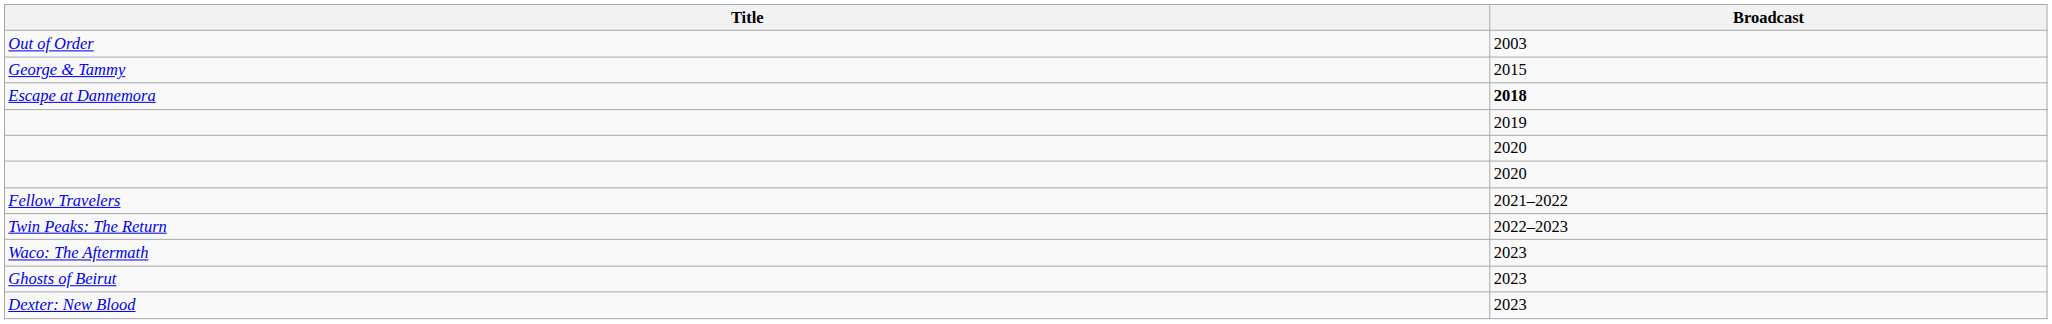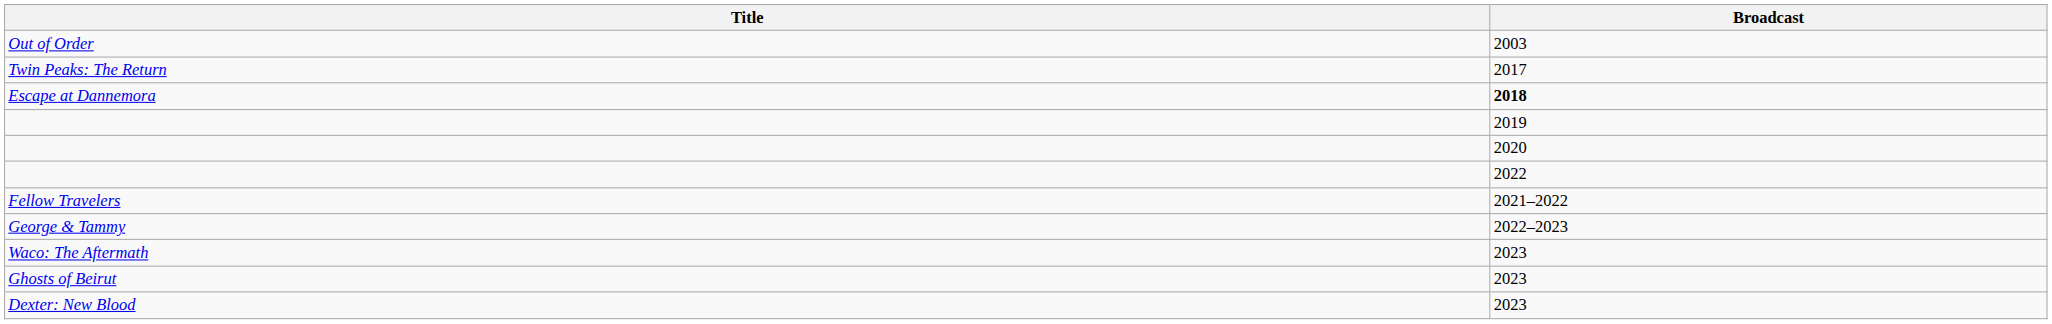 <table class="wikitable sortable" style="width:100%;">
 <tr>
 <th style="width:40%;">Title</th>
 <th style="width:15%;">Broadcast</th>
 </tr>
 <tr>
 <td><em><a href='#'>Out of Order</a></em></td>
 <td>2003</td>
 </tr>
 <tr>
-<td><em><a href='#'>George & Tammy</a></em></td>
-<td>2015</td>
+<td><em><a href='#'>Twin Peaks: The Return</a></em></td>
+<td>2017</td>
 </tr>
 <tr>
 <td><em><a href='#'>Escape at Dannemora</a></em></td>
 <td><strong>2018</strong></td>
 </tr>
 <tr>
 <td></td>
 <td>2019</td>
 </tr>
 <tr>
 <td><em></em></td>
 <td>2020</td>
 </tr>
 <tr>
 <td></td>
-<td>2020</td>
+<td>2022</td>
 </tr>
 <tr>
 <td><em><a href='#'>Fellow Travelers</a></em></td>
 <td>2021–2022</td>
 </tr>
 <tr>
-<td><em><a href='#'>Twin Peaks: The Return</a></em></td>
+<td><em><a href='#'>George & Tammy</a></em></td>
 <td>2022–2023</td>
 </tr>
 <tr>
 <td><em><a href='#'>Waco: The Aftermath</a></em></td>
 <td>2023</td>
 </tr>
 <tr>
 <td><em><a href='#'>Ghosts of Beirut</a></em></td>
 <td>2023</td>
 </tr>
 <tr>
 <td><em><a href='#'>Dexter: New Blood</a></em></td>
 <td>2023</td>
 </tr>
 </table>
